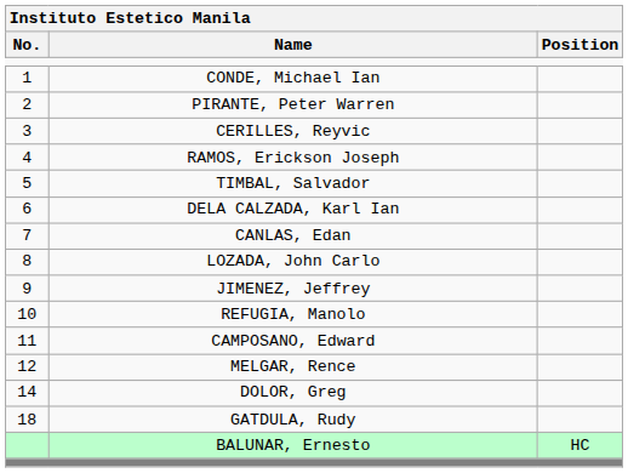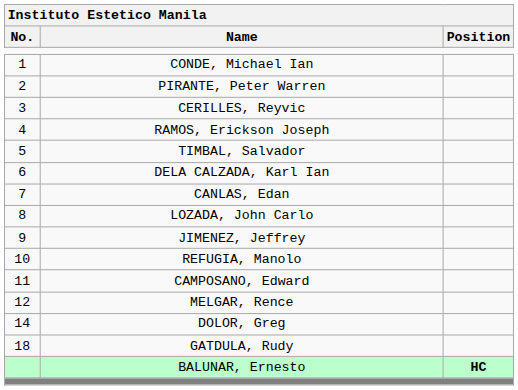 <table class='wikitable mw-collapsible mw-collapsed' style='text-align: center; width: 500px; border: none;'>
 <tr>
 <th style='text-align: left;' colspan=3>Instituto Estetico Manila</th>
 </tr>
 <tr>
 <th style='width: 7%;'>No.</th>
 <th>Name</th>
 <th style='width: 10%;'>Position</th>
 </tr>
 <tr>
 <td style='border: none;'></td>
 </tr>
 <tr>
 <td>1</td>
 <td>CONDE, Michael Ian</td>
 <td></td>
 </tr>
 <tr>
 <td>2</td>
 <td>PIRANTE, Peter Warren</td>
 <td></td>
 </tr>
 <tr>
 <td>3</td>
 <td>CERILLES, Reyvic</td>
 <td></td>
 </tr>
 <tr>
 <td>4</td>
 <td>RAMOS, Erickson Joseph</td>
 <td></td>
 </tr>
 <tr>
 <td>5</td>
 <td>TIMBAL, Salvador</td>
 <td></td>
 </tr>
 <tr>
 <td>6</td>
 <td>DELA CALZADA, Karl Ian</td>
 <td></td>
 </tr>
 <tr>
 <td>7</td>
 <td>CANLAS, Edan</td>
 <td></td>
 </tr>
 <tr>
 <td>8</td>
 <td>LOZADA, John Carlo</td>
 <td></td>
 </tr>
 <tr>
 <td>9</td>
 <td>JIMENEZ, Jeffrey</td>
 <td></td>
 </tr>
 <tr>
 <td>10</td>
 <td>REFUGIA, Manolo</td>
 <td></td>
 </tr>
 <tr>
 <td>11</td>
 <td>CAMPOSANO, Edward</td>
 <td></td>
 </tr>
 <tr>
 <td>12</td>
 <td>MELGAR, Rence</td>
 <td></td>
 </tr>
 <tr>
 <td>14</td>
 <td>DOLOR, Greg</td>
 <td></td>
 </tr>
 <tr>
 <td>18</td>
 <td>GATDULA, Rudy</td>
 <td></td>
 </tr>
 <tr bgcolor=#BBFFCC>
 <td></td>
 <td>BALUNAR, Ernesto</td>
-<td>HC</td>
+<td><strong>HC</strong></td>
 </tr>
 <tr>
 <th style='background: grey;' colspan=3></th>
 </tr>
 </table>
